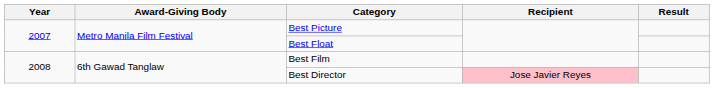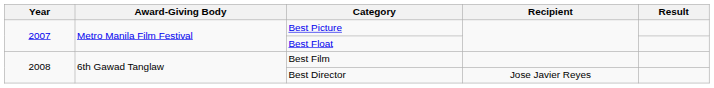 <table | width="90%" class="wikitable sortable">
 <tr>
 <th width="10%">Year</th>
 <th width="30%">Award-Giving Body</th>
 <th width="25%">Category</th>
 <th width="25%">Recipient</th>
 <th width="10%">Result</th>
 </tr>
 <tr>
 <td rowspan="2" align="center"><a href='#'>2007</a></td>
 <td rowspan="2" align="left"><a href='#'>Metro Manila Film Festival</a></td>
 <td align="left"><a href='#'>Best Picture</a></td>
 <td align="center" rowspan=2></td>
 <td></td>
 </tr>
 <tr>
 <td align="left"><a href='#'>Best Float</a></td>
 <td></td>
 </tr>
 <tr>
 <td rowspan="2" align="center">2008</td>
 <td rowspan="2" align="left">6th Gawad Tanglaw</td>
 <td align="left">Best Film</td>
 <td align="center"></td>
 <td></td>
 </tr>
 <tr>
 <td align="left">Best Director</td>
-<td align="center" style="background: pink;">Jose Javier Reyes</td>
+<td align="center">Jose Javier Reyes</td>
 <td></td>
 </tr>
 </table>
